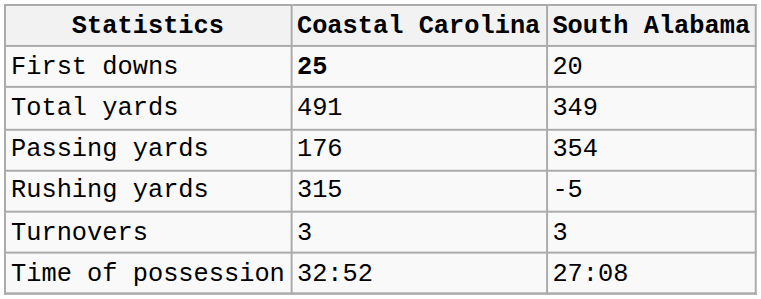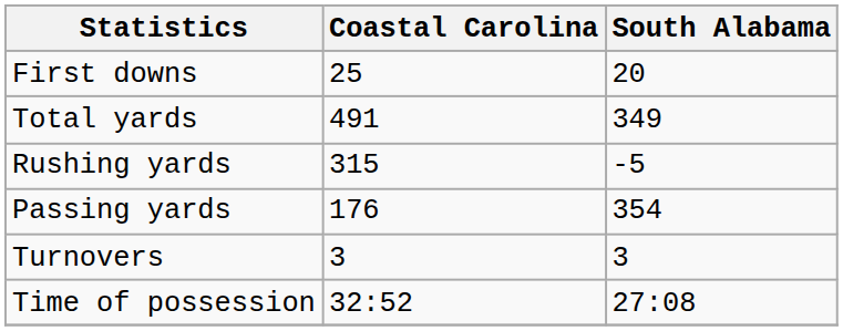 <table class="wikitable">
 <tr>
 <th>Statistics</th>
 <th>Coastal Carolina</th>
 <th>South Alabama</th>
 </tr>
 <tr>
 <td>First downs</td>
-<td><strong>25</strong></td>
+<td>25</td>
 <td>20</td>
 </tr>
 <tr>
 <td>Total yards</td>
 <td>491</td>
 <td>349</td>
 </tr>
 <tr>
+<td>Rushing yards</td>
+<td>315</td>
+<td>-5</td>
+</tr>
+<tr>
 <td>Passing yards</td>
 <td>176</td>
 <td>354</td>
-</tr>
-<tr>
-<td>Rushing yards</td>
-<td>315</td>
-<td>-5</td>
 </tr>
 <tr>
 <td>Turnovers</td>
 <td>3</td>
 <td>3</td>
 </tr>
 <tr>
 <td>Time of possession</td>
 <td>32:52</td>
 <td>27:08</td>
 </tr>
 <tr>
 </tr>
 </table>
